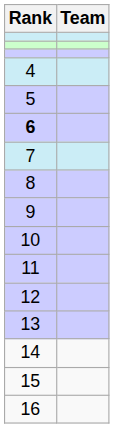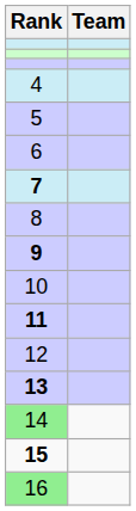 <table class="wikitable">
 <tr>
 <th>Rank</th>
 <th>Team</th>
 </tr>
 <tr bgcolor=#cbedf6>
 <td align=center></td>
 <td></td>
 </tr>
 <tr bgcolor=#ccffcc>
 <td align=center></td>
 <td></td>
 </tr>
 <tr bgcolor=#ccccff>
 <td align=center></td>
 <td></td>
 </tr>
 <tr bgcolor=#cbedf6>
 <td align=center>4</td>
 <td></td>
 </tr>
 <tr bgcolor=#ccccff>
 <td align=center>5</td>
 <td></td>
 </tr>
 <tr bgcolor=#ccccff>
-<td align=center><strong>6</strong></td>
+<td align=center>6</td>
 <td></td>
 </tr>
 <tr bgcolor=#cbedf6>
-<td align=center>7</td>
+<td align=center><strong>7</strong></td>
 <td></td>
 </tr>
 <tr bgcolor=#ccccff>
 <td align=center>8</td>
 <td></td>
 </tr>
 <tr bgcolor=#ccccff>
-<td align=center>9</td>
+<td align=center><strong>9</strong></td>
 <td></td>
 </tr>
 <tr bgcolor=#ccccff>
 <td align=center>10</td>
 <td></td>
 </tr>
 <tr bgcolor=#ccccff>
-<td align=center>11</td>
+<td align=center><strong>11</strong></td>
 <td></td>
 </tr>
 <tr bgcolor=#ccccff>
 <td align=center>12</td>
 <td></td>
 </tr>
 <tr bgcolor=#ccccff>
-<td align=center>13</td>
+<td align=center><strong>13</strong></td>
 <td></td>
 </tr>
 <tr>
-<td align=center>14</td>
+<td align=center style="background: lightgreen;">14</td>
 <td></td>
 </tr>
 <tr>
-<td align=center>15</td>
+<td align=center><strong>15</strong></td>
 <td></td>
 </tr>
 <tr>
-<td align=center>16</td>
+<td align=center style="background: lightgreen;">16</td>
 <td></td>
 </tr>
 </table>
